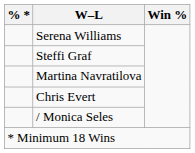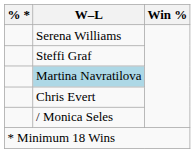 <table class="wikitable">
 <tr>
 <th>% *</th>
 <th>W–L</th>
 <th>Win %</th>
 </tr>
 <tr>
 <td></td>
 <td> Serena Williams</td>
 </tr>
 <tr>
 <td></td>
 <td> Steffi Graf</td>
 </tr>
 <tr>
 <td></td>
-<td> Martina Navratilova</td>
+<td style="background: lightblue;"> Martina Navratilova</td>
 </tr>
 <tr>
 <td></td>
 <td> Chris Evert</td>
 </tr>
 <tr>
 <td></td>
 <td>/ Monica Seles</td>
 </tr>
 <tr>
 <td colspan="3">* Minimum 18 Wins</td>
 </tr>
 </table>
